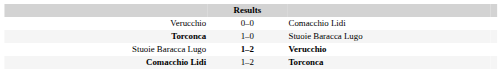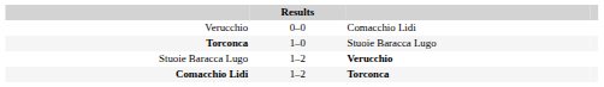 <table align=center style="font-size: 85%; border-collapse:collapse" border=0 cellspacing=0 cellpadding=2 width=60%>
 <tr bgcolor="D3D3D3">
 <th align=right></th>
 <th align=center>Results</th>
 <th align=left></th>
 <th align=center></th>
 </tr>
 <tr bgcolor=#FFFFFF>
 <td align=right>Verucchio</td>
 <td align=center>0–0</td>
 <td>Comacchio Lidi</td>
 <td align=center></td>
 </tr>
 <tr bgcolor=#F5F5F5>
 <td align=right><strong>Torconca</strong></td>
 <td align=center>1–0</td>
 <td>Stuoie Baracca Lugo</td>
 <td align=center></td>
 </tr>
 <tr bgcolor=#FFFFFF>
 <td align=right>Stuoie Baracca Lugo</td>
-<td align=center><strong>1–2</strong></td>
+<td align=center>1–2</td>
 <td><strong>Verucchio</strong></td>
 <td align=center></td>
 </tr>
 <tr bgcolor=#F5F5F5>
 <td align=right><strong>Comacchio Lidi</strong></td>
 <td align=center>1–2</td>
 <td><strong>Torconca</strong></td>
 <td align=center></td>
 </tr>
 </table>
